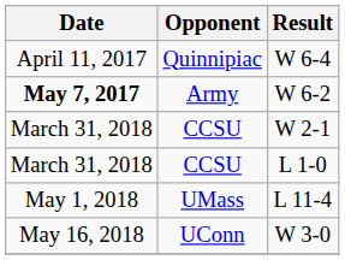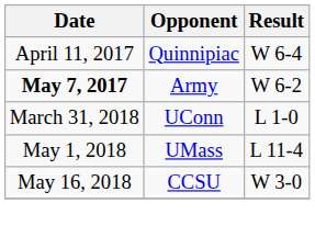 <table class="wikitable" style="text-align: center">
 <tr>
 <th>Date</th>
 <th>Opponent</th>
 <th>Result</th>
 </tr>
 <tr>
 <td>April 11, 2017</td>
 <td><a href='#'>Quinnipiac</a></td>
 <td>W 6-4</td>
 </tr>
 <tr>
 <td><strong>May 7, 2017</strong></td>
 <td><a href='#'>Army</a></td>
 <td>W 6-2</td>
 </tr>
 <tr>
 <td>March 31, 2018</td>
-<td><a href='#'>CCSU</a></td>
-<td>W 2-1</td>
-</tr>
-<tr>
-<td>March 31, 2018</td>
-<td><a href='#'>CCSU</a></td>
+<td><a href='#'>UConn</a></td>
 <td>L 1-0</td>
 </tr>
 <tr>
 <td>May 1, 2018</td>
 <td><a href='#'>UMass</a></td>
 <td>L 11-4</td>
 </tr>
 <tr>
 <td>May 16, 2018</td>
-<td><a href='#'>UConn</a></td>
+<td><a href='#'>CCSU</a></td>
 <td>W 3-0</td>
 </tr>
 <tr>
 </tr>
 </table>
